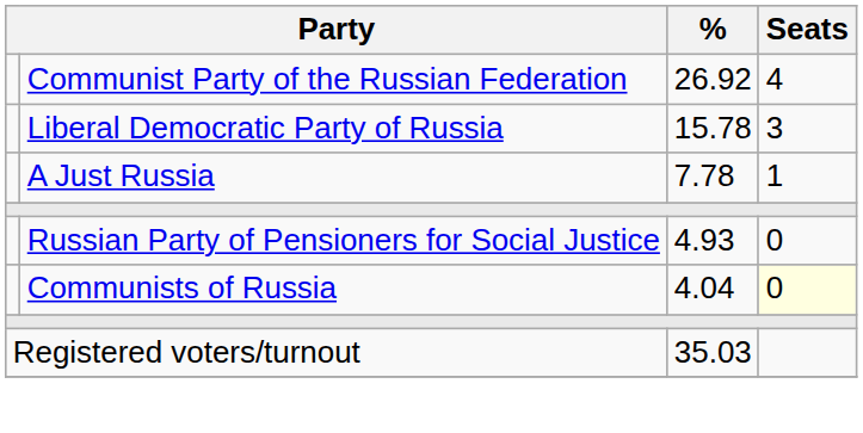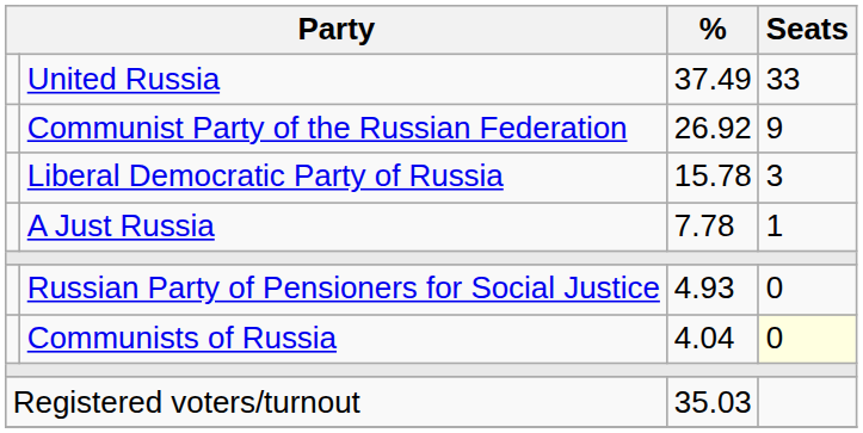 <table class="wikitable">
 <tr>
 <th colspan=2>Party</th>
 <th>%</th>
 <th>Seats</th>
 </tr>
 <tr>
 <td style="background:"></td>
+<td><a href='#'>United Russia</a></td>
+<td>37.49</td>
+<td>33</td>
+</tr>
+<tr>
+<td style="background:"></td>
 <td><a href='#'>Communist Party of the Russian Federation</a></td>
 <td>26.92</td>
-<td>4</td>
+<td>9</td>
 </tr>
 <tr>
 <td style="background:"></td>
 <td><a href='#'>Liberal Democratic Party of Russia</a></td>
 <td>15.78</td>
 <td>3</td>
 </tr>
 <tr>
 <td style="background:"></td>
 <td><a href='#'>A Just Russia</a></td>
 <td>7.78</td>
 <td>1</td>
 </tr>
 <tr>
 <td colspan=4 style="background:#E9E9E9;"></td>
 </tr>
 <tr>
 <td style="background:"></td>
 <td><a href='#'>Russian Party of Pensioners for Social Justice</a></td>
 <td>4.93</td>
 <td>0</td>
 </tr>
 <tr>
 <td style="background:"></td>
 <td><a href='#'>Communists of Russia</a></td>
 <td>4.04</td>
 <td style="background: lightyellow;">0</td>
 </tr>
 <tr>
 <td colspan=4 style="background:#E9E9E9;"></td>
 </tr>
 <tr>
 <td align=left colspan=2>Registered voters/turnout</td>
 <td>35.03</td>
 <td></td>
 </tr>
 <tr>
 </tr>
 </table>
